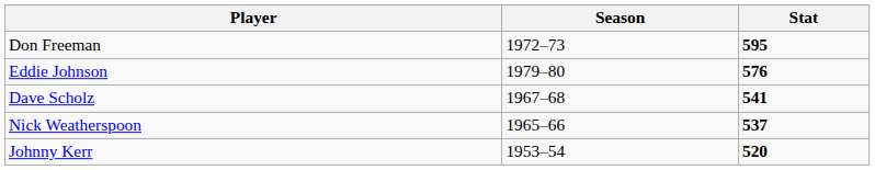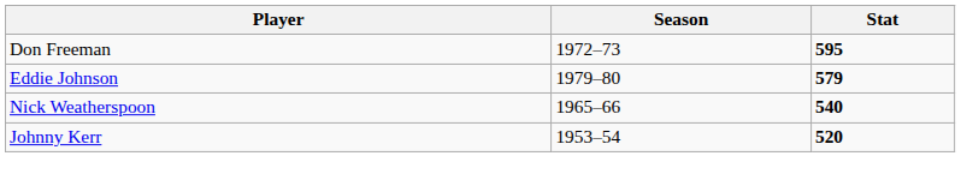 <table class="wikitable sortable" style="text-align: left; width: 65%">
 <tr>
 </tr>
 <tr>
 <th>Player</th>
 <th>Season</th>
 <th>Stat</th>
 </tr>
 <tr>
 <td>Don Freeman</td>
 <td>1972–73</td>
 <td><strong>595</strong></td>
 </tr>
 <tr>
 <td><a href='#'>Eddie Johnson</a></td>
 <td>1979–80</td>
-<td><strong>576</strong></td>
-</tr>
-<tr>
-<td><a href='#'>Dave Scholz</a></td>
-<td>1967–68</td>
-<td><strong>541</strong></td>
+<td><strong>579</strong></td>
 </tr>
 <tr>
 <td><a href='#'>Nick Weatherspoon</a></td>
 <td>1965–66</td>
-<td><strong>537</strong></td>
+<td><strong>540</strong></td>
 </tr>
 <tr>
 <td><a href='#'>Johnny Kerr</a></td>
 <td>1953–54</td>
 <td><strong>520</strong></td>
 </tr>
 </table>
